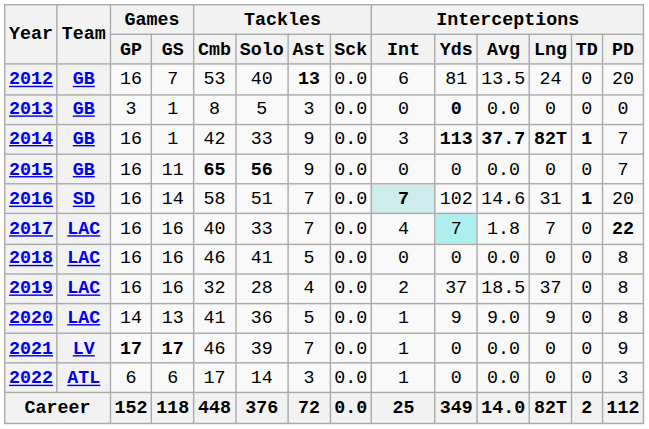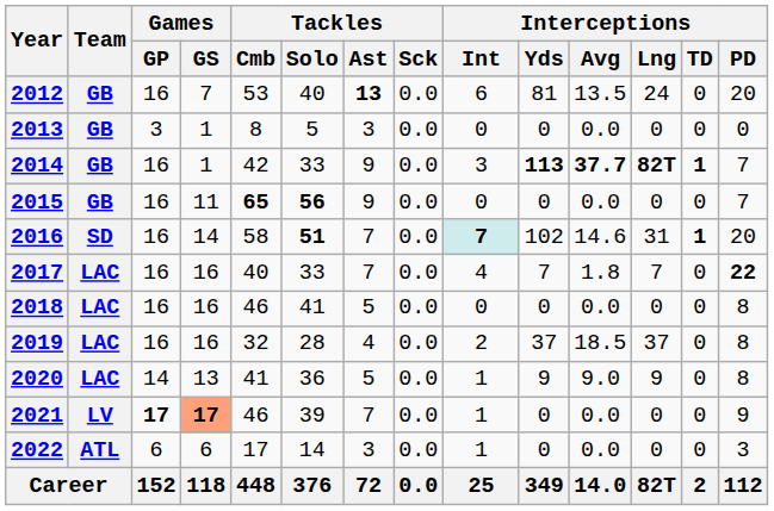 <table class="wikitable" style="text-align:center;">
 <tr>
 <th rowspan="2">Year</th>
 <th rowspan="2">Team</th>
 <th colspan="2">Games</th>
 <th colspan="4">Tackles</th>
 <th colspan="6">Interceptions</th>
 </tr>
 <tr>
 <th>GP</th>
 <th>GS</th>
 <th>Cmb</th>
 <th>Solo</th>
 <th>Ast</th>
 <th>Sck</th>
 <th>Int</th>
 <th>Yds</th>
 <th>Avg</th>
 <th>Lng</th>
 <th>TD</th>
 <th>PD</th>
 </tr>
 <tr>
 <th><a href='#'>2012</a></th>
 <th><a href='#'>GB</a></th>
 <td>16</td>
 <td>7</td>
 <td>53</td>
 <td>40</td>
 <td><strong>13</strong></td>
 <td>0.0</td>
 <td>6</td>
 <td>81</td>
 <td>13.5</td>
 <td>24</td>
 <td>0</td>
 <td>20</td>
 </tr>
 <tr>
 <th><a href='#'>2013</a></th>
 <th><a href='#'>GB</a></th>
 <td>3</td>
 <td>1</td>
 <td>8</td>
 <td>5</td>
 <td>3</td>
 <td>0.0</td>
 <td>0</td>
-<td><strong>0</strong></td>
+<td>0</td>
 <td>0.0</td>
 <td>0</td>
 <td>0</td>
 <td>0</td>
 </tr>
 <tr>
 <th><a href='#'>2014</a></th>
 <th><a href='#'>GB</a></th>
 <td>16</td>
 <td>1</td>
 <td>42</td>
 <td>33</td>
 <td>9</td>
 <td>0.0</td>
 <td>3</td>
 <td><strong>113</strong></td>
 <td><strong>37.7</strong></td>
 <td><strong>82T</strong></td>
 <td><strong>1</strong></td>
 <td>7</td>
 </tr>
 <tr>
 <th><a href='#'>2015</a></th>
 <th><a href='#'>GB</a></th>
 <td>16</td>
 <td>11</td>
 <td><strong>65</strong></td>
 <td><strong>56</strong></td>
 <td>9</td>
 <td>0.0</td>
 <td>0</td>
 <td>0</td>
 <td>0.0</td>
 <td>0</td>
 <td>0</td>
 <td>7</td>
 </tr>
 <tr>
 <th><a href='#'>2016</a></th>
 <th><a href='#'>SD</a></th>
 <td>16</td>
 <td>14</td>
 <td>58</td>
-<td>51</td>
+<td><strong>51</strong></td>
 <td>7</td>
 <td>0.0</td>
 <td style="background:#cfecec; width:3em;"><strong>7</strong></td>
 <td>102</td>
 <td>14.6</td>
 <td>31</td>
 <td><strong>1</strong></td>
 <td>20</td>
 </tr>
 <tr>
 <th><a href='#'>2017</a></th>
 <th><a href='#'>LAC</a></th>
 <td>16</td>
 <td>16</td>
 <td>40</td>
 <td>33</td>
 <td>7</td>
 <td>0.0</td>
 <td>4</td>
-<td style="background: paleturquoise;">7</td>
+<td>7</td>
 <td>1.8</td>
 <td>7</td>
 <td>0</td>
 <td><strong>22</strong></td>
 </tr>
 <tr>
 <th><a href='#'>2018</a></th>
 <th><a href='#'>LAC</a></th>
 <td>16</td>
 <td>16</td>
 <td>46</td>
 <td>41</td>
 <td>5</td>
 <td>0.0</td>
 <td>0</td>
 <td>0</td>
 <td>0.0</td>
 <td>0</td>
 <td>0</td>
 <td>8</td>
 </tr>
 <tr>
 <th><a href='#'>2019</a></th>
 <th><a href='#'>LAC</a></th>
 <td>16</td>
 <td>16</td>
 <td>32</td>
 <td>28</td>
 <td>4</td>
 <td>0.0</td>
 <td>2</td>
 <td>37</td>
 <td>18.5</td>
 <td>37</td>
 <td>0</td>
 <td>8</td>
 </tr>
 <tr>
 <th><a href='#'>2020</a></th>
 <th><a href='#'>LAC</a></th>
 <td>14</td>
 <td>13</td>
 <td>41</td>
 <td>36</td>
 <td>5</td>
 <td>0.0</td>
 <td>1</td>
 <td>9</td>
 <td>9.0</td>
 <td>9</td>
 <td>0</td>
 <td>8</td>
 </tr>
 <tr>
 <th><a href='#'>2021</a></th>
 <th><a href='#'>LV</a></th>
 <td><strong>17</strong></td>
-<td><strong>17</strong></td>
+<td style="background: lightsalmon;"><strong>17</strong></td>
 <td>46</td>
 <td>39</td>
 <td>7</td>
 <td>0.0</td>
 <td>1</td>
 <td>0</td>
 <td>0.0</td>
 <td>0</td>
 <td>0</td>
 <td>9</td>
 </tr>
 <tr>
 <th><a href='#'>2022</a></th>
 <th><a href='#'>ATL</a></th>
 <td>6</td>
 <td>6</td>
 <td>17</td>
 <td>14</td>
 <td>3</td>
 <td>0.0</td>
 <td>1</td>
 <td>0</td>
 <td>0.0</td>
 <td>0</td>
 <td>0</td>
 <td>3</td>
 </tr>
 <tr>
 <th colspan="2">Career</th>
 <th>152</th>
 <th>118</th>
 <th>448</th>
 <th>376</th>
 <th>72</th>
 <th>0.0</th>
 <th>25</th>
 <th>349</th>
 <th>14.0</th>
 <th>82T</th>
 <th>2</th>
 <th>112</th>
 </tr>
 </table>
